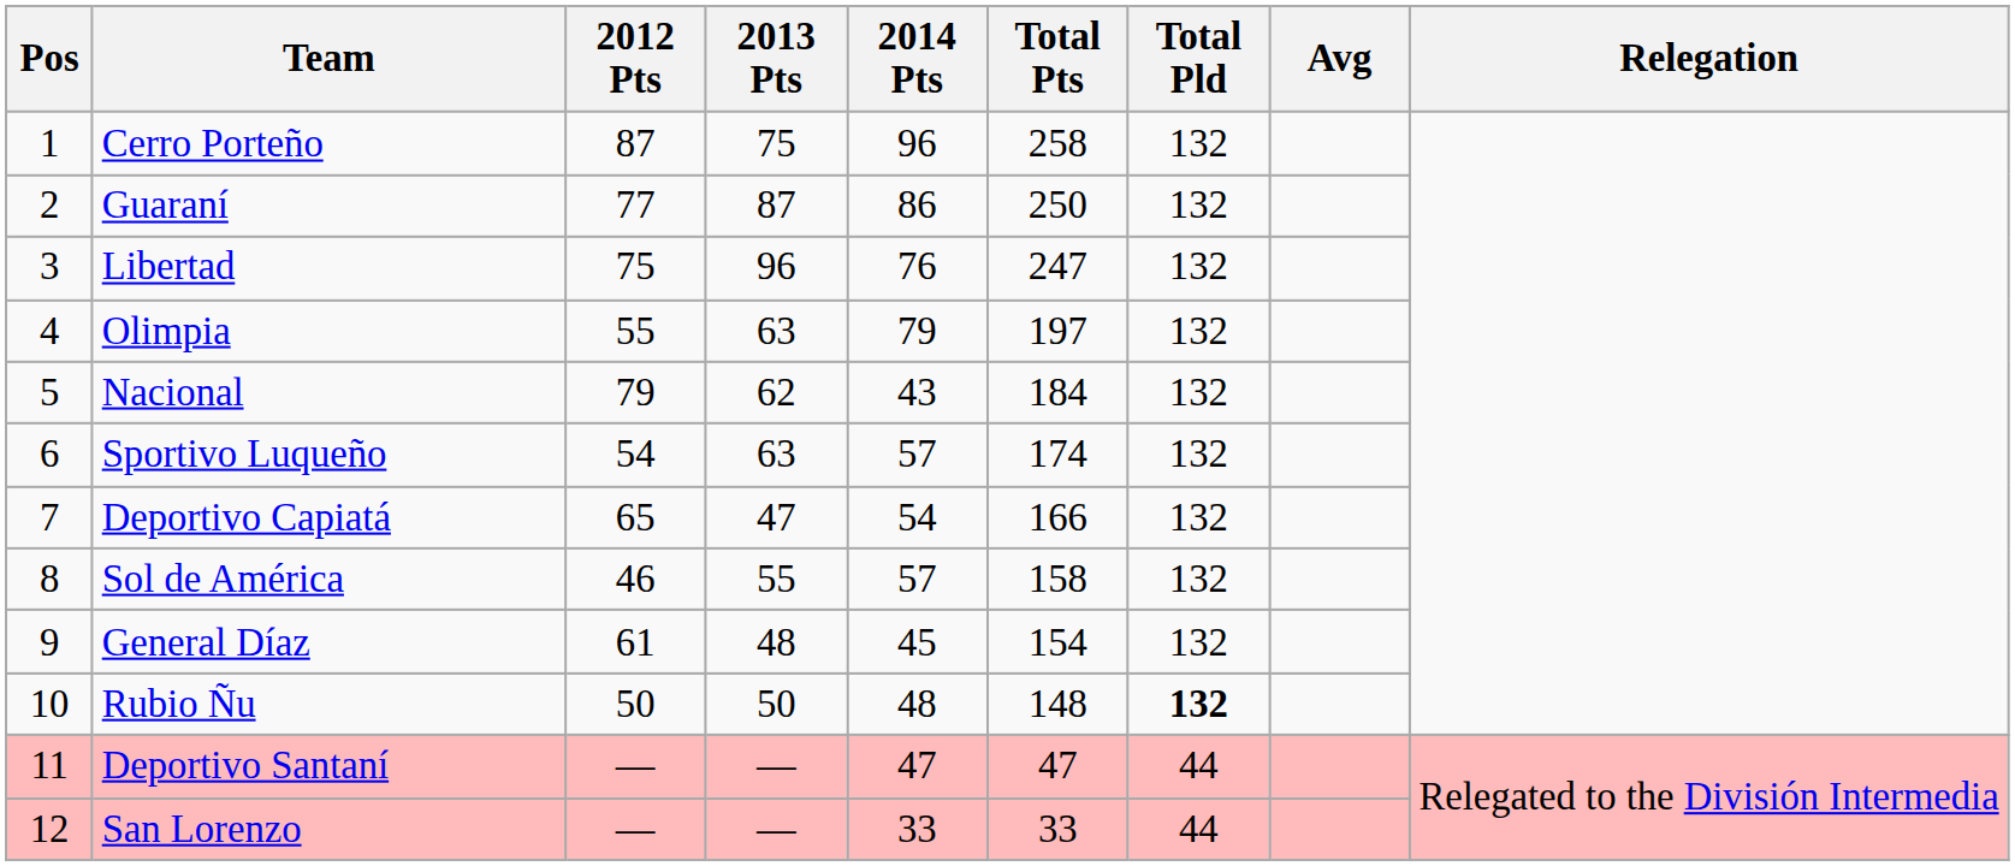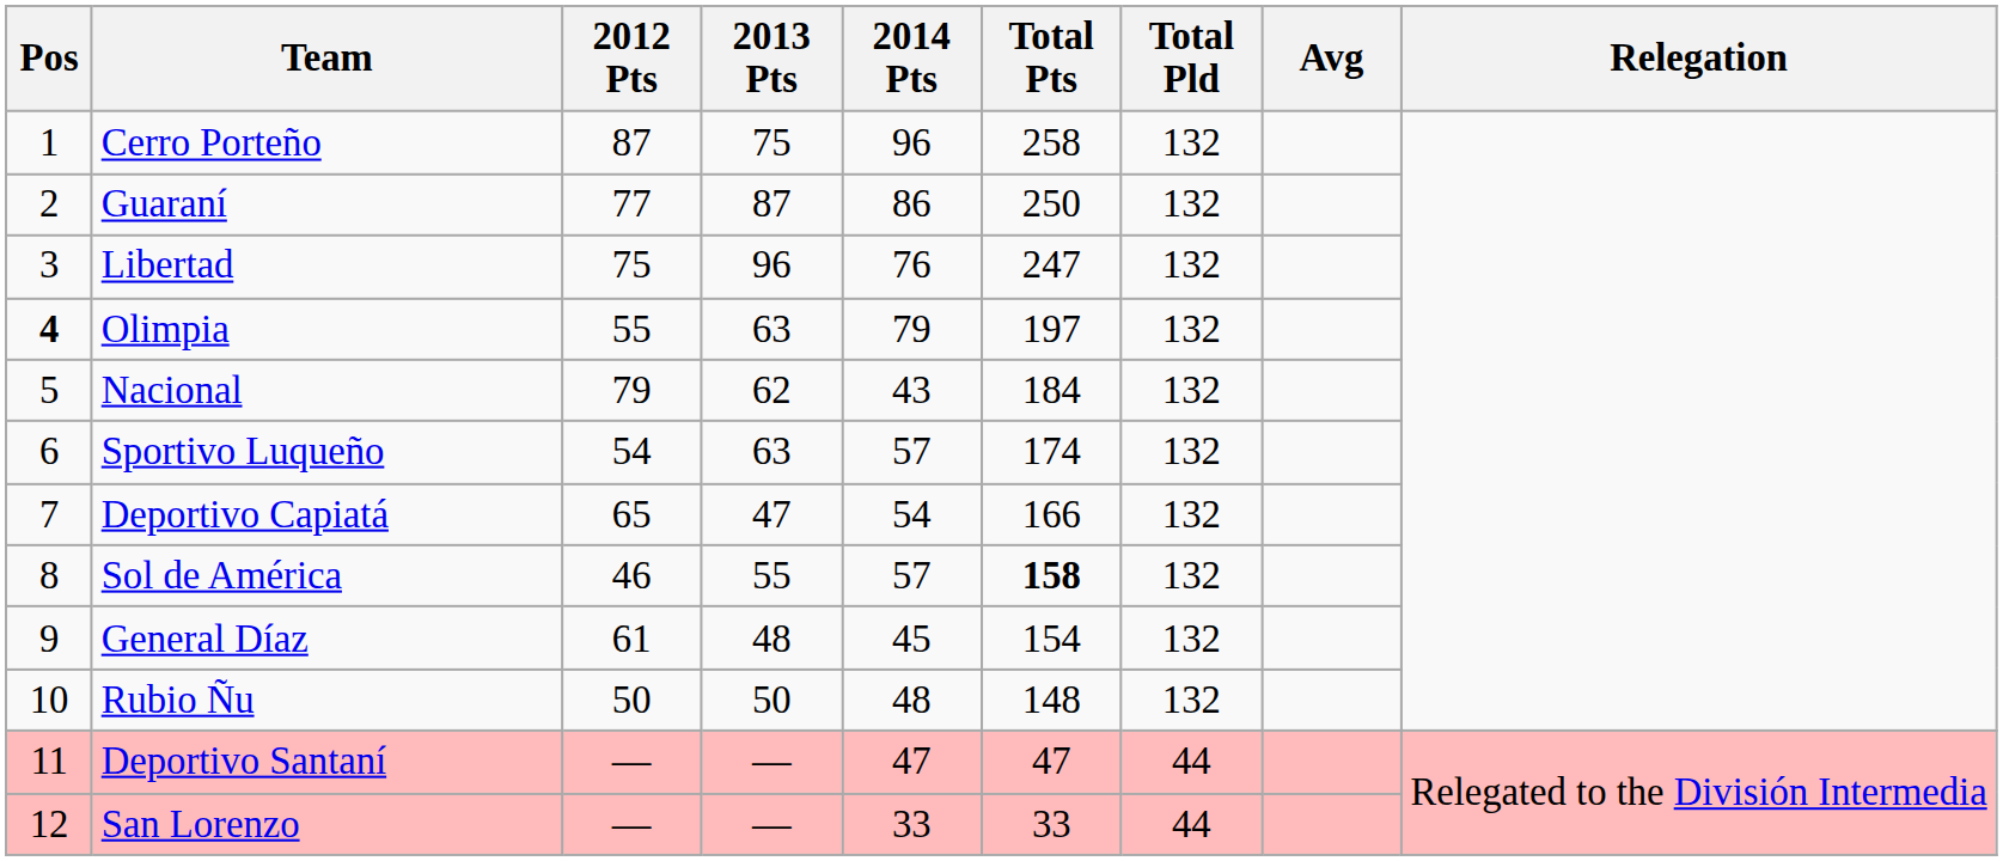 <table class="wikitable" style="text-align:center">
 <tr>
 <th width=28>Pos<br></th>
 <th width=185>Team<br></th>
 <th width=50>2012<br>Pts</th>
 <th width=50>2013<br>Pts</th>
 <th width=50>2014<br>Pts</th>
 <th width=50>Total<br>Pts</th>
 <th width=50>Total<br>Pld</th>
 <th width=50>Avg</th>
 <th>Relegation</th>
 </tr>
 <tr>
 <td>1</td>
 <td align="left"><a href='#'>Cerro Porteño</a></td>
 <td>87</td>
 <td>75</td>
 <td>96</td>
 <td>258</td>
 <td>132</td>
 <td><strong></strong></td>
 </tr>
 <tr>
 <td>2</td>
 <td align="left"><a href='#'>Guaraní</a></td>
 <td>77</td>
 <td>87</td>
 <td>86</td>
 <td>250</td>
 <td>132</td>
 <td><strong></strong></td>
 </tr>
 <tr>
 <td>3</td>
 <td align="left"><a href='#'>Libertad</a></td>
 <td>75</td>
 <td>96</td>
 <td>76</td>
 <td>247</td>
 <td>132</td>
 <td><strong></strong></td>
 </tr>
 <tr>
-<td>4</td>
+<td><strong>4</strong></td>
 <td align="left"><a href='#'>Olimpia</a></td>
 <td>55</td>
 <td>63</td>
 <td>79</td>
 <td>197</td>
 <td>132</td>
 <td><strong></strong></td>
 </tr>
 <tr>
 <td>5</td>
 <td align="left"><a href='#'>Nacional</a></td>
 <td>79</td>
 <td>62</td>
 <td>43</td>
 <td>184</td>
 <td>132</td>
 <td><strong></strong></td>
 </tr>
 <tr>
 <td>6</td>
 <td align="left"><a href='#'>Sportivo Luqueño</a></td>
 <td>54</td>
 <td>63</td>
 <td>57</td>
 <td>174</td>
 <td>132</td>
 <td><strong></strong></td>
 </tr>
 <tr>
 <td>7</td>
 <td align="left"><a href='#'>Deportivo Capiatá</a></td>
 <td>65</td>
 <td>47</td>
 <td>54</td>
 <td>166</td>
 <td>132</td>
 <td><strong></strong></td>
 </tr>
 <tr>
 <td>8</td>
 <td align="left"><a href='#'>Sol de América</a></td>
 <td>46</td>
 <td>55</td>
 <td>57</td>
-<td>158</td>
+<td><strong>158</strong></td>
 <td>132</td>
 <td><strong></strong></td>
 </tr>
 <tr>
 <td>9</td>
 <td align="left"><a href='#'>General Díaz</a></td>
 <td>61</td>
 <td>48</td>
 <td>45</td>
 <td>154</td>
 <td>132</td>
 <td><strong></strong></td>
 </tr>
 <tr>
 <td>10</td>
 <td align="left"><a href='#'>Rubio Ñu</a></td>
 <td>50</td>
 <td>50</td>
 <td>48</td>
 <td>148</td>
-<td><strong>132</strong></td>
+<td>132</td>
 <td><strong></strong></td>
 </tr>
 <tr bgcolor=#FFBBBB>
 <td>11</td>
 <td align="left"><a href='#'>Deportivo Santaní</a></td>
 <td>—</td>
 <td>—</td>
 <td>47</td>
 <td>47</td>
 <td>44</td>
 <td><strong></strong></td>
 <td rowspan=2>Relegated to the <a href='#'>División Intermedia</a></td>
 </tr>
 <tr bgcolor=#FFBBBB>
 <td>12</td>
 <td align="left"><a href='#'>San Lorenzo</a></td>
 <td>—</td>
 <td>—</td>
 <td>33</td>
 <td>33</td>
 <td>44</td>
 <td><strong></strong></td>
 </tr>
 </table>
